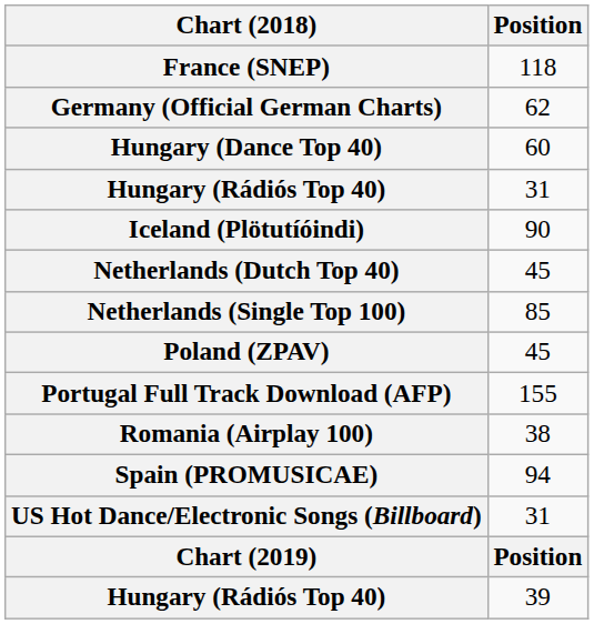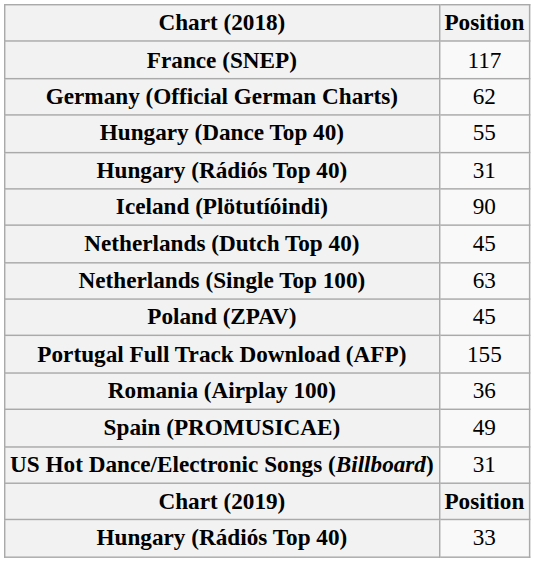 <table class="wikitable sortable plainrowheaders" style="text-align:center">
 <tr>
 <th scope="col">Chart (2018)</th>
 <th scope="col">Position</th>
 </tr>
 <tr>
 <th scope="row">France (SNEP)</th>
-<td>118</td>
+<td>117</td>
 </tr>
 <tr>
 <th scope="row">Germany (Official German Charts)</th>
 <td>62</td>
 </tr>
 <tr>
 <th scope="row">Hungary (Dance Top 40)</th>
-<td>60</td>
+<td>55</td>
 </tr>
 <tr>
 <th scope="row">Hungary (Rádiós Top 40)</th>
 <td>31</td>
 </tr>
 <tr>
 <th scope="row">Iceland (Plötutíóindi)</th>
 <td>90</td>
 </tr>
 <tr>
 <th scope="row">Netherlands (Dutch Top 40)</th>
 <td>45</td>
 </tr>
 <tr>
 <th scope="row">Netherlands (Single Top 100)</th>
-<td>85</td>
+<td>63</td>
 </tr>
 <tr>
 <th scope="row">Poland (ZPAV)</th>
 <td>45</td>
 </tr>
 <tr>
 <th scope="row">Portugal Full Track Download (AFP)</th>
 <td>155</td>
 </tr>
 <tr>
 <th scope="row">Romania (Airplay 100)</th>
-<td>38</td>
+<td>36</td>
 </tr>
 <tr>
 <th scope="row">Spain (PROMUSICAE)</th>
-<td>94</td>
+<td>49</td>
 </tr>
 <tr>
 <th scope="row">US Hot Dance/Electronic Songs (<em>Billboard</em>)</th>
 <td>31</td>
 </tr>
 <tr>
 <th scope="col">Chart (2019)</th>
 <th scope="col">Position</th>
 </tr>
 <tr>
 <th scope="row">Hungary (Rádiós Top 40)</th>
-<td>39</td>
+<td>33</td>
 </tr>
 </table>
